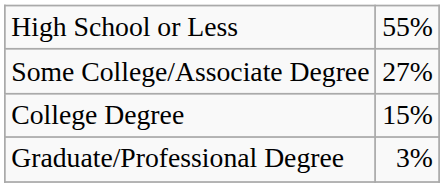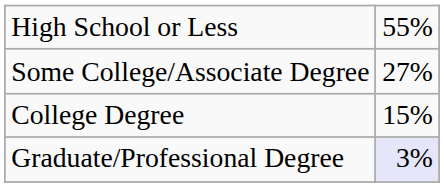 <table class="wikitable" style="float:left; margin-right:1em">
 <tr>
 <td>High School or Less</td>
 <td align=right>55%</td>
 </tr>
 <tr>
 <td>Some College/Associate Degree</td>
 <td align=right>27%</td>
 </tr>
 <tr>
 <td>College Degree</td>
 <td align=right>15%</td>
 </tr>
 <tr>
 <td>Graduate/Professional Degree</td>
-<td align=right>3%</td>
+<td align=right style="background: lavender;">3%</td>
 </tr>
 </table>
